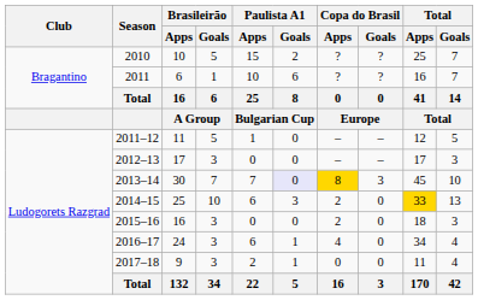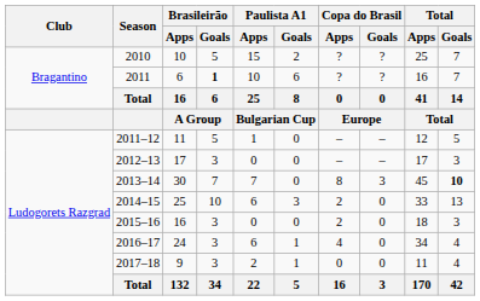 <table class="wikitable" style="font-size:90%; text-align: center">
 <tr>
 <th rowspan=2>Club</th>
 <th rowspan=2>Season</th>
 <th colspan=2>Brasileirão</th>
 <th colspan=2>Paulista A1</th>
 <th colspan=2>Copa do Brasil</th>
 <th colspan=2>Total</th>
 </tr>
 <tr>
 <th>Apps</th>
 <th>Goals</th>
 <th>Apps</th>
 <th>Goals</th>
 <th>Apps</th>
 <th>Goals</th>
 <th>Apps</th>
 <th>Goals</th>
 </tr>
 <tr>
 <td rowspan=3><a href='#'>Bragantino</a></td>
 <td>2010</td>
 <td>10</td>
 <td>5</td>
 <td>15</td>
 <td>2</td>
 <td>?</td>
 <td>?</td>
 <td>25</td>
 <td>7</td>
 </tr>
 <tr>
 <td>2011</td>
 <td>6</td>
-<td>1</td>
+<td><strong>1</strong></td>
 <td>10</td>
 <td>6</td>
 <td>?</td>
 <td>?</td>
 <td>16</td>
 <td>7</td>
 </tr>
 <tr>
 <th colspan=1>Total</th>
 <th>16</th>
 <th>6</th>
 <th>25</th>
 <th>8</th>
 <th>0</th>
 <th>0</th>
 <th>41</th>
 <th>14</th>
 </tr>
 <tr>
 <th rowspan=1></th>
 <th rowspan=1></th>
 <th colspan=2>A Group</th>
 <th colspan=2>Bulgarian Cup</th>
 <th colspan=2>Europe</th>
 <th colspan=2>Total</th>
 </tr>
 <tr>
 <td rowspan=8><a href='#'>Ludogorets Razgrad</a></td>
 <td>2011–12</td>
 <td>11</td>
 <td>5</td>
 <td>1</td>
 <td>0</td>
 <td>–</td>
 <td>–</td>
 <td>12</td>
 <td>5</td>
 </tr>
 <tr>
 <td>2012–13</td>
 <td>17</td>
 <td>3</td>
 <td>0</td>
 <td>0</td>
 <td>–</td>
 <td>–</td>
 <td>17</td>
 <td>3</td>
 </tr>
 <tr>
 <td>2013–14</td>
 <td>30</td>
 <td>7</td>
 <td>7</td>
-<td style="background: lavender;">0</td>
-<td style="background: gold;">8</td>
+<td>0</td>
+<td>8</td>
 <td>3</td>
 <td>45</td>
-<td>10</td>
+<td><strong>10</strong></td>
 </tr>
 <tr>
 <td>2014–15</td>
 <td>25</td>
 <td>10</td>
 <td>6</td>
 <td>3</td>
 <td>2</td>
 <td>0</td>
-<td style="background: gold;">33</td>
+<td>33</td>
 <td>13</td>
 </tr>
 <tr>
 <td>2015–16</td>
 <td>16</td>
 <td>3</td>
 <td>0</td>
 <td>0</td>
 <td>2</td>
 <td>0</td>
 <td>18</td>
 <td>3</td>
 </tr>
 <tr>
 <td>2016–17</td>
 <td>24</td>
 <td>3</td>
 <td>6</td>
 <td>1</td>
 <td>4</td>
 <td>0</td>
 <td>34</td>
 <td>4</td>
 </tr>
 <tr>
 <td>2017–18</td>
 <td>9</td>
 <td>3</td>
 <td>2</td>
 <td>1</td>
 <td>0</td>
 <td>0</td>
 <td>11</td>
 <td>4</td>
 </tr>
 <tr>
 <th colspan=1>Total</th>
 <th>132</th>
 <th>34</th>
 <th>22</th>
 <th>5</th>
 <th>16</th>
 <th>3</th>
 <th>170</th>
 <th>42</th>
 </tr>
 </table>
